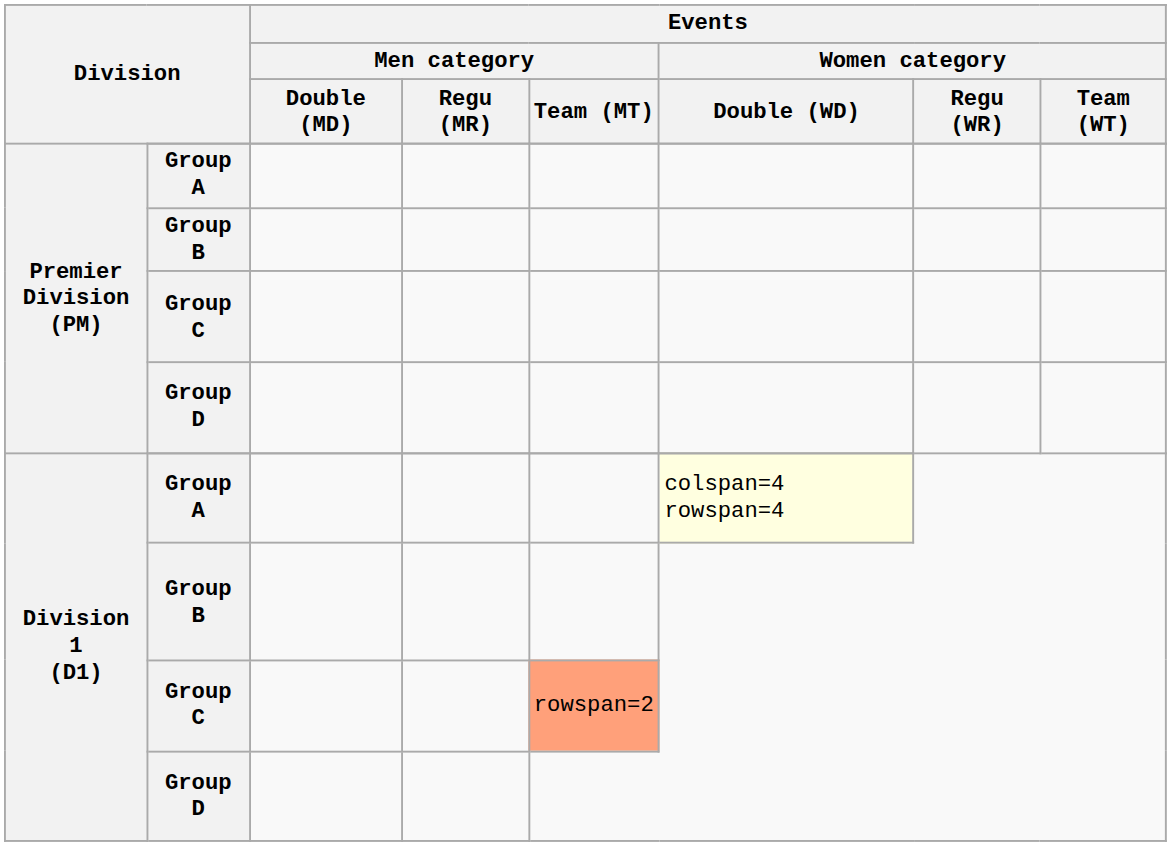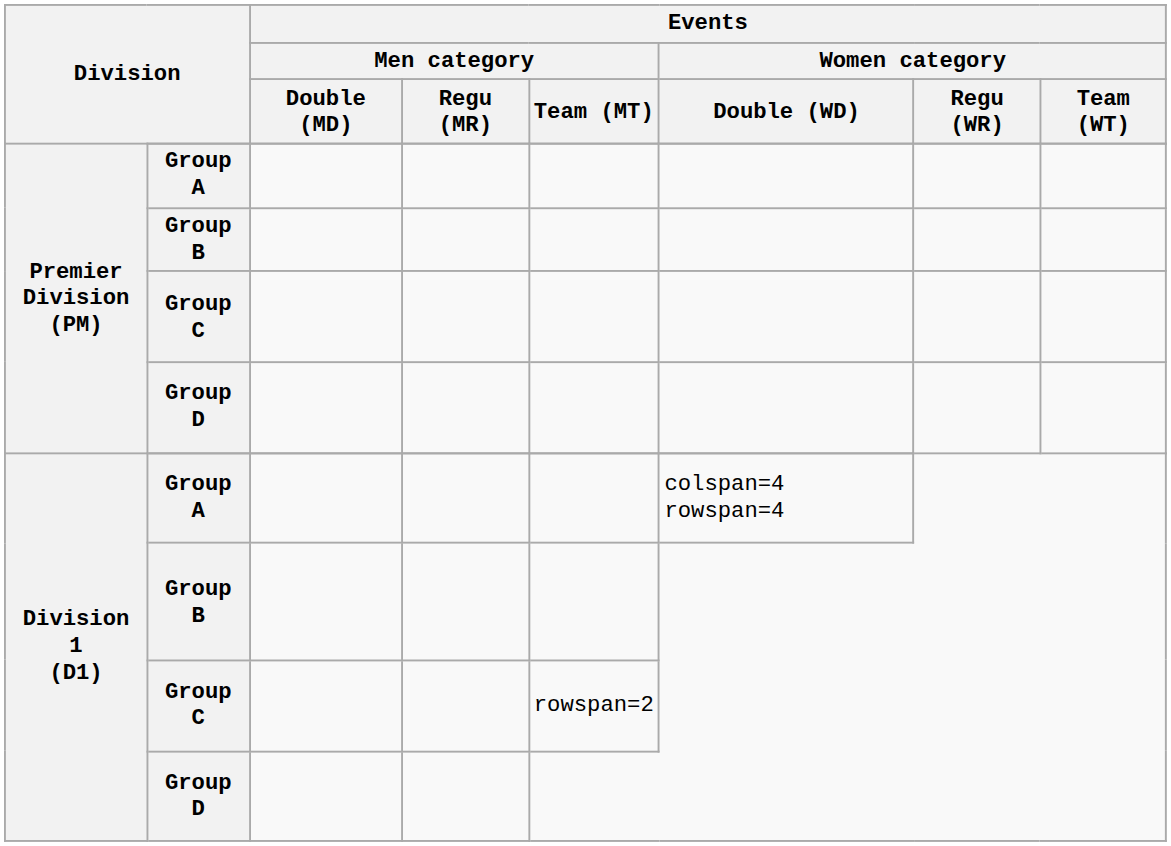 <table class="wikitable" style="font-size: 90%">
 <tr>
 <th rowspan=3 colspan=2>Division</th>
 <th colspan=6>Events</th>
 </tr>
 <tr>
 <th colspan=3>Men category</th>
 <th colspan=3>Women category</th>
 </tr>
 <tr>
 <th>Double (MD)</th>
 <th>Regu (MR)</th>
 <th>Team (MT)</th>
 <th>Double (WD)</th>
 <th>Regu (WR)</th>
 <th>Team (WT)</th>
 </tr>
 <tr>
 <th rowspan=5>Premier<br>Division<br>(PM)</th>
 </tr>
 <tr>
 <th>Group A</th>
 <td style=text-align:left><br><br></td>
 <td style=text-align:left><br><br></td>
 <td style=text-align:left><br><br></td>
 <td style=text-align:left><br><br></td>
 <td style=text-align:left><br><br></td>
 <td style=text-align:left><br><br></td>
 </tr>
 <tr>
 <th>Group B</th>
 <td style=text-align:left><br><br></td>
 <td style=text-align:left><br></td>
 <td style=text-align:left><br><br></td>
 <td style=text-align:left><br><br></td>
 <td style=text-align:left><br><br></td>
 <td style=text-align:left><br><br></td>
 </tr>
 <tr>
 <th>Group C</th>
 <td style=text-align:left><br><br></td>
 <td style=text-align:left><br><br></td>
 <td style=text-align:left><br><br></td>
 <td style=text-align:left><br><br></td>
 <td style=text-align:left><br><br></td>
 <td><br><br><br></td>
 </tr>
 <tr>
 <th>Group D</th>
 <td style=text-align:left><br><br><br></td>
 <td style=text-align:left><br><br></td>
 <td style=text-align:left><br><br></td>
 <td style=text-align:left><br><br><br></td>
 <td style=text-align:left><br><br><br></td>
 <td style=text-align:left><br><br><br></td>
 </tr>
 <tr>
 <th rowspan=5>Division 1<br>(D1)</th>
 </tr>
 <tr>
 <th>Group A</th>
 <td style=text-align:left><br><br></td>
 <td style=text-align:left><br><br></td>
 <td style=text-align:left><br><br><br></td>
-<td style="background: lightyellow;">colspan=4 rowspan=4 </td>
+<td>colspan=4 rowspan=4 </td>
 </tr>
 <tr>
 <th>Group B</th>
 <td style=text-align:left><s></s><br><br><br></td>
 <td style=text-align:left><br><br><br></td>
 <td style=text-align:left><br><br><br><br></td>
 </tr>
 <tr>
 <th>Group C</th>
 <td style=text-align:left><br><br><br></td>
 <td style=text-align:left><br><br><br></td>
-<td style="background: lightsalmon;">rowspan=2 </td>
+<td>rowspan=2 </td>
 </tr>
 <tr>
 <th>Group D</th>
 <td style=text-align:left><br><br><br></td>
 <td style=text-align:left><br><br><br></td>
 </tr>
 </table>
